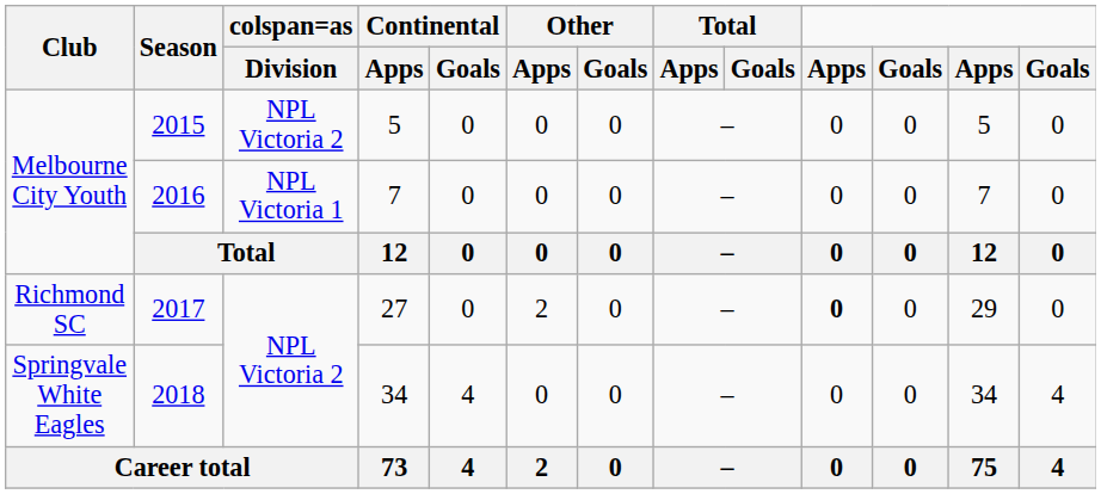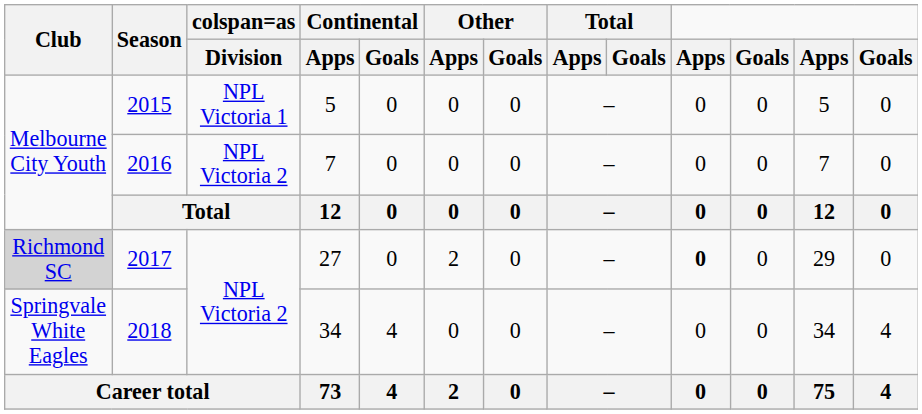 <table class="wikitable" style="text-align: center">
 <tr>
 <th rowspan="2">Club</th>
 <th rowspan="2">Season</th>
 <th>colspan=as</th>
 <th colspan="2">Continental</th>
 <th colspan="2">Other</th>
 <th colspan="2">Total</th>
 </tr>
 <tr>
 <th>Division</th>
 <th>Apps</th>
 <th>Goals</th>
 <th>Apps</th>
 <th>Goals</th>
 <th>Apps</th>
 <th>Goals</th>
 <th>Apps</th>
 <th>Goals</th>
 <th>Apps</th>
 <th>Goals</th>
 </tr>
 <tr>
 <td rowspan="3"><a href='#'>Melbourne City Youth</a></td>
 <td><a href='#'>2015</a></td>
-<td><a href='#'>NPL Victoria 2</a></td>
+<td><a href='#'>NPL Victoria 1</a></td>
 <td>5</td>
 <td>0</td>
 <td>0</td>
 <td>0</td>
 <td colspan="2">–</td>
 <td>0</td>
 <td>0</td>
 <td>5</td>
 <td>0</td>
 </tr>
 <tr>
 <td><a href='#'>2016</a></td>
-<td><a href='#'>NPL Victoria 1</a></td>
+<td><a href='#'>NPL Victoria 2</a></td>
 <td>7</td>
 <td>0</td>
 <td>0</td>
 <td>0</td>
 <td colspan="2">–</td>
 <td>0</td>
 <td>0</td>
 <td>7</td>
 <td>0</td>
 </tr>
 <tr>
 <th colspan=2>Total</th>
 <th>12</th>
 <th>0</th>
 <th>0</th>
 <th>0</th>
 <th colspan="2">–</th>
 <th>0</th>
 <th>0</th>
 <th>12</th>
 <th>0</th>
 </tr>
 <tr>
-<td><a href='#'>Richmond SC</a></td>
+<td style="background: lightgrey;"><a href='#'>Richmond SC</a></td>
 <td><a href='#'>2017</a></td>
 <td rowspan="2"><a href='#'>NPL Victoria 2</a></td>
 <td>27</td>
 <td>0</td>
 <td>2</td>
 <td>0</td>
 <td colspan="2">–</td>
 <td><strong>0</strong></td>
 <td>0</td>
 <td>29</td>
 <td>0</td>
 </tr>
 <tr>
 <td><a href='#'>Springvale White Eagles</a></td>
 <td><a href='#'>2018</a></td>
 <td>34</td>
 <td>4</td>
 <td>0</td>
 <td>0</td>
 <td colspan="2">–</td>
 <td>0</td>
 <td>0</td>
 <td>34</td>
 <td>4</td>
 </tr>
 <tr>
 <th colspan=3>Career total</th>
 <th>73</th>
 <th>4</th>
 <th>2</th>
 <th>0</th>
 <th colspan="2">–</th>
 <th>0</th>
 <th>0</th>
 <th>75</th>
 <th>4</th>
 </tr>
 </table>
